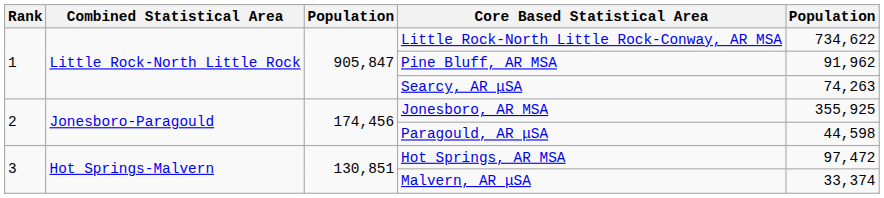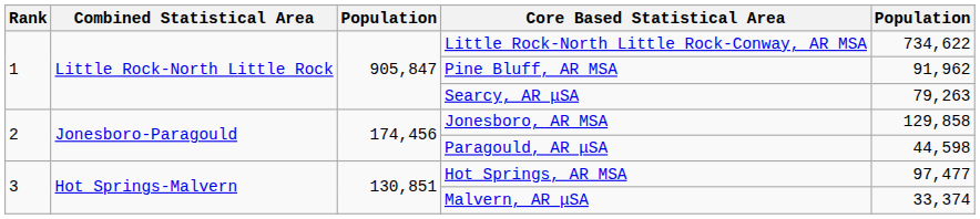 <table class="wikitable">
 <tr>
 <th scope="col'">Rank</th>
 <th scope="col'">Combined Statistical Area</th>
 <th scope="col'">Population</th>
 <th scope="col'">Core Based Statistical Area</th>
 <th scope="col'">Population</th>
 </tr>
 <tr>
 <td rowspan=3>1</td>
 <td rowspan=3><a href='#'>Little Rock-North Little Rock</a></td>
 <td rowspan=3 align=right>905,847</td>
 <td><a href='#'>Little Rock-North Little Rock-Conway, AR MSA</a></td>
 <td align="right">734,622</td>
 </tr>
 <tr>
 <td><a href='#'>Pine Bluff, AR MSA</a></td>
 <td align="right">91,962</td>
 </tr>
 <tr>
 <td><a href='#'> Searcy, AR μSA</a></td>
-<td align="right">74,263</td>
+<td align="right">79,263</td>
 </tr>
 <tr>
 <td rowspan=2>2</td>
 <td rowspan=2><a href='#'>Jonesboro-Paragould</a></td>
 <td rowspan=2 align="right">174,456</td>
 <td><a href='#'>Jonesboro, AR MSA</a></td>
-<td align="right">355,925</td>
+<td align="right">129,858</td>
 </tr>
 <tr>
 <td><a href='#'>Paragould, AR μSA</a></td>
 <td align="right">44,598</td>
 </tr>
 <tr>
 <td rowspan=2>3</td>
 <td rowspan=2><a href='#'>Hot Springs-Malvern</a></td>
 <td rowspan=2 align="right">130,851</td>
 <td><a href='#'>Hot Springs, AR MSA</a></td>
-<td align="right">97,472</td>
+<td align="right">97,477</td>
 </tr>
 <tr>
 <td><a href='#'>Malvern, AR μSA</a></td>
 <td align="right">33,374</td>
 </tr>
 </table>
